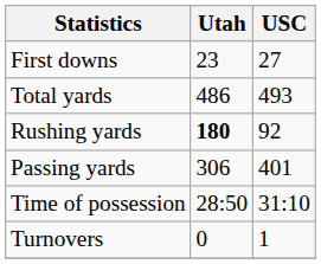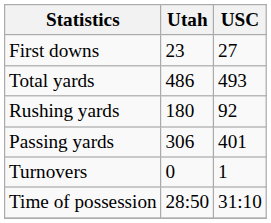 <table class="wikitable">
 <tr>
 <th>Statistics</th>
 <th>Utah</th>
 <th>USC</th>
 </tr>
 <tr>
 <td>First downs</td>
 <td>23</td>
 <td>27</td>
 </tr>
 <tr>
 <td>Total yards</td>
 <td>486</td>
 <td>493</td>
 </tr>
 <tr>
 <td>Rushing yards</td>
-<td><strong>180</strong></td>
+<td>180</td>
 <td>92</td>
 </tr>
 <tr>
 <td>Passing yards</td>
 <td>306</td>
 <td>401</td>
 </tr>
 <tr>
+<td>Turnovers</td>
+<td>0</td>
+<td>1</td>
+</tr>
+<tr>
 <td>Time of possession</td>
 <td>28:50</td>
 <td>31:10</td>
 </tr>
 <tr>
-<td>Turnovers</td>
-<td>0</td>
-<td>1</td>
-</tr>
-<tr>
 </tr>
 </table>
